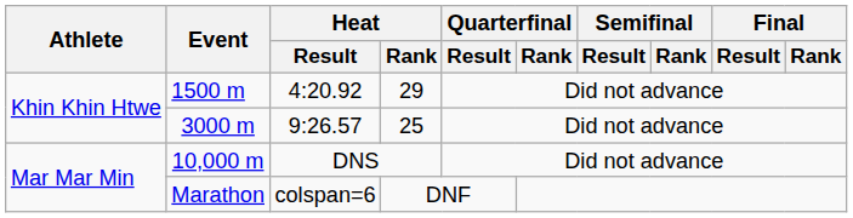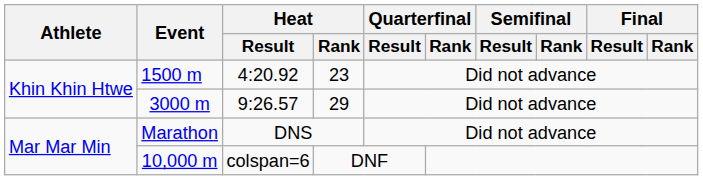 <table class="wikitable" style="font-size:90%">
 <tr>
 <th rowspan="2">Athlete</th>
 <th rowspan="2">Event</th>
 <th colspan="2">Heat</th>
 <th colspan="2">Quarterfinal</th>
 <th colspan="2">Semifinal</th>
 <th colspan="2">Final</th>
 </tr>
 <tr style="font-size:95%">
 <th>Result</th>
 <th>Rank</th>
 <th>Result</th>
 <th>Rank</th>
 <th>Result</th>
 <th>Rank</th>
 <th>Result</th>
 <th>Rank</th>
 </tr>
 <tr align=center>
 <td align=left rowspan=2><a href='#'>Khin Khin Htwe</a></td>
 <td align=left><a href='#'>1500 m</a></td>
 <td>4:20.92</td>
-<td>29</td>
+<td>23</td>
 <td align=center colspan="6">Did not advance</td>
 </tr>
 <tr align=center>
 <td><a href='#'>3000 m</a></td>
 <td>9:26.57</td>
-<td>25</td>
+<td>29</td>
 <td align=center colspan="6">Did not advance</td>
 </tr>
 <tr align=center>
 <td align=left rowspan=2><a href='#'>Mar Mar Min</a></td>
-<td><a href='#'>10,000 m</a></td>
+<td><a href='#'>Marathon</a></td>
 <td colspan="2">DNS</td>
 <td align=center colspan="6">Did not advance</td>
 </tr>
 <tr align=center>
-<td><a href='#'>Marathon</a></td>
+<td><a href='#'>10,000 m</a></td>
 <td>colspan=6 </td>
 <td align=center colspan="2">DNF</td>
 </tr>
 </table>
